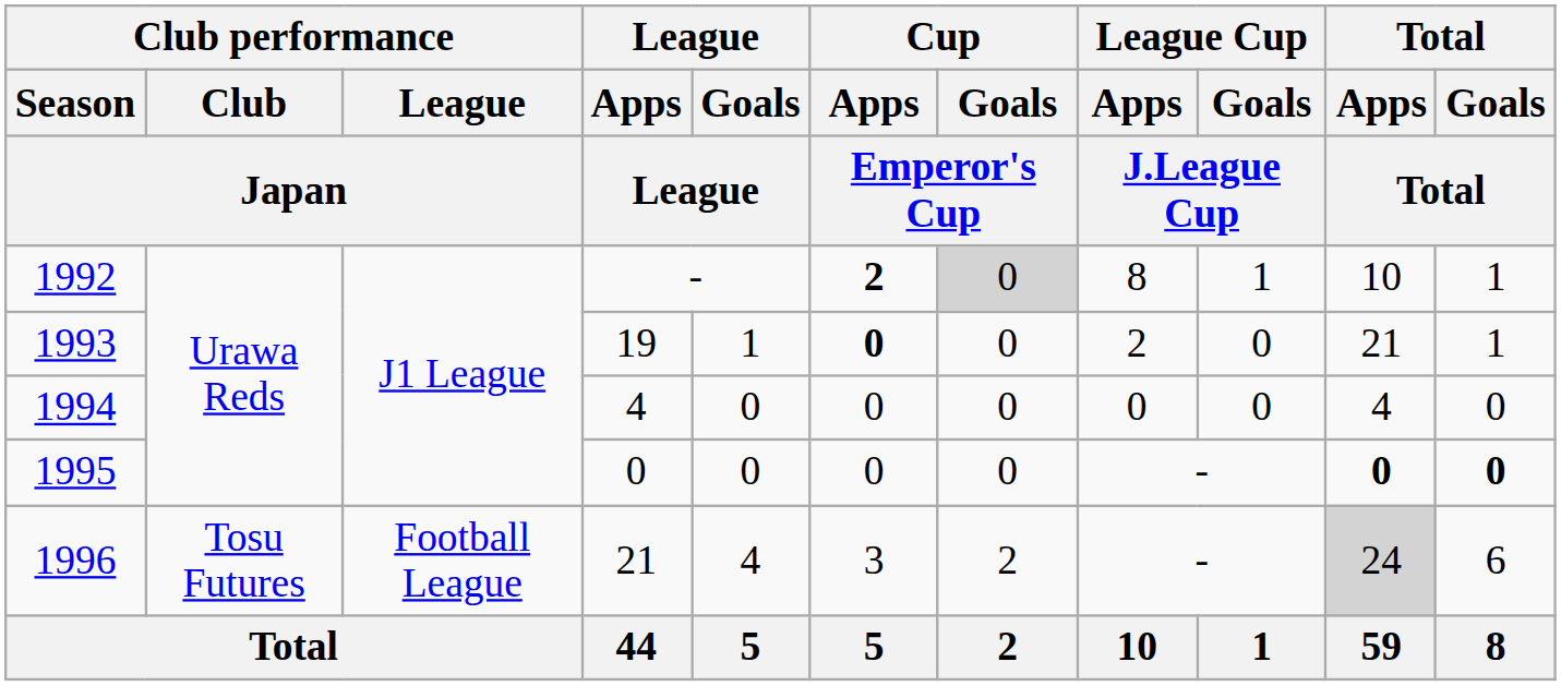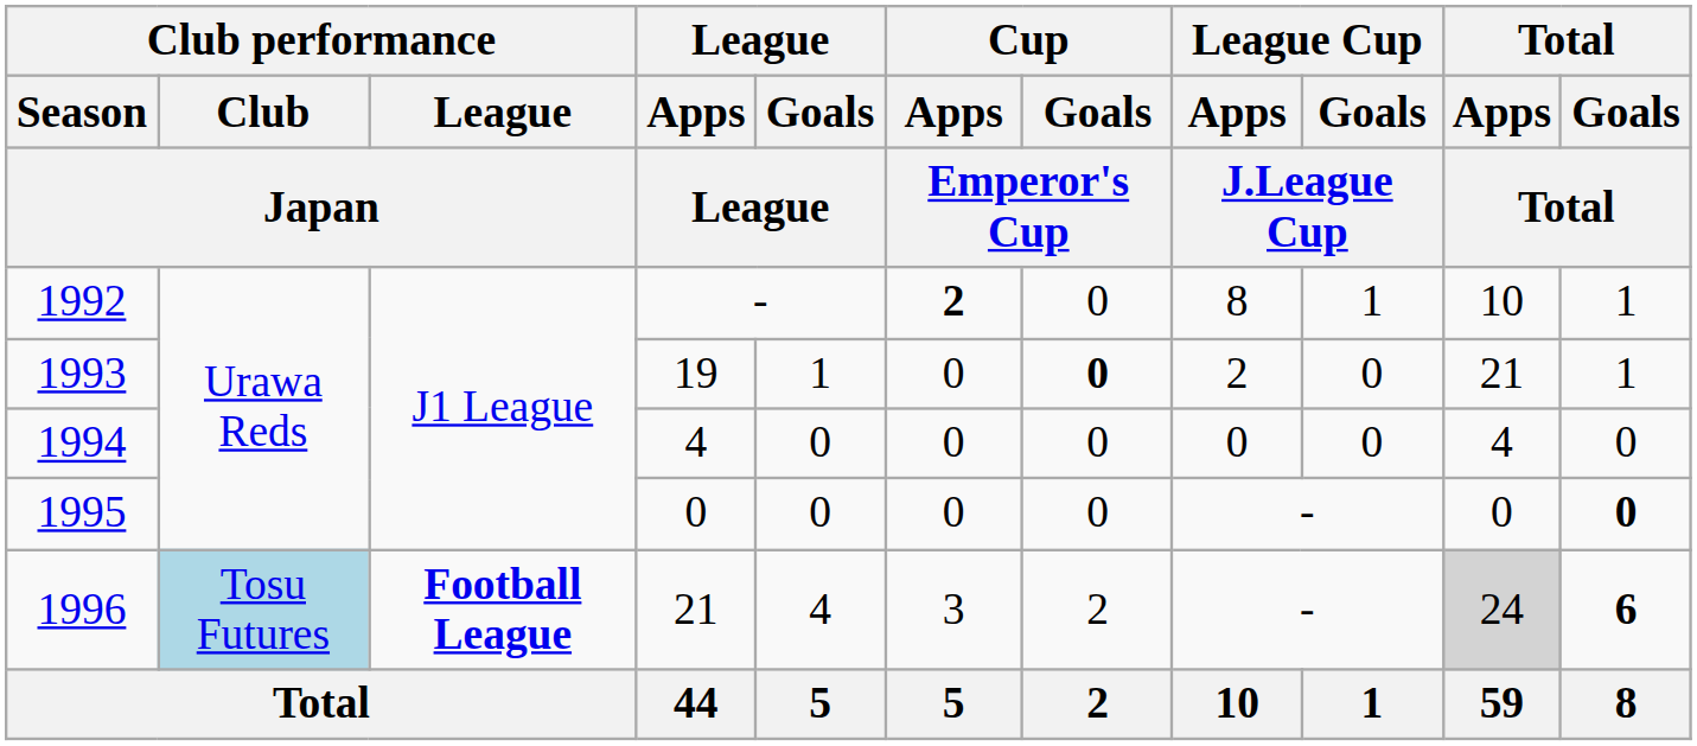 <table class="wikitable" style="text-align:center;">
 <tr>
 <th colspan=3>Club performance</th>
 <th colspan=2>League</th>
 <th colspan=2>Cup</th>
 <th colspan=2>League Cup</th>
 <th colspan=2>Total</th>
 </tr>
 <tr>
 <th>Season</th>
 <th>Club</th>
 <th>League</th>
 <th>Apps</th>
 <th>Goals</th>
 <th>Apps</th>
 <th>Goals</th>
 <th>Apps</th>
 <th>Goals</th>
 <th>Apps</th>
 <th>Goals</th>
 </tr>
 <tr>
 <th colspan=3>Japan</th>
 <th colspan=2>League</th>
 <th colspan=2><a href='#'>Emperor's Cup</a></th>
 <th colspan=2><a href='#'>J.League Cup</a></th>
 <th colspan=2>Total</th>
 </tr>
 <tr>
 <td><a href='#'>1992</a></td>
 <td rowspan="4"><a href='#'>Urawa Reds</a></td>
 <td rowspan="4"><a href='#'>J1 League</a></td>
 <td colspan="2">-</td>
 <td><strong>2</strong></td>
-<td style="background: lightgrey;">0</td>
+<td>0</td>
 <td>8</td>
 <td>1</td>
 <td>10</td>
 <td>1</td>
 </tr>
 <tr>
 <td><a href='#'>1993</a></td>
 <td>19</td>
 <td>1</td>
+<td>0</td>
 <td><strong>0</strong></td>
-<td>0</td>
 <td>2</td>
 <td>0</td>
 <td>21</td>
 <td>1</td>
 </tr>
 <tr>
 <td><a href='#'>1994</a></td>
 <td>4</td>
 <td>0</td>
 <td>0</td>
 <td>0</td>
 <td>0</td>
 <td>0</td>
 <td>4</td>
 <td>0</td>
 </tr>
 <tr>
 <td><a href='#'>1995</a></td>
 <td>0</td>
 <td>0</td>
 <td>0</td>
 <td>0</td>
 <td colspan="2">-</td>
-<td><strong>0</strong></td>
+<td>0</td>
 <td><strong>0</strong></td>
 </tr>
 <tr>
 <td><a href='#'>1996</a></td>
-<td><a href='#'>Tosu Futures</a></td>
-<td><a href='#'>Football League</a></td>
+<td style="background: lightblue;"><a href='#'>Tosu Futures</a></td>
+<td><strong><a href='#'>Football League</a></strong></td>
 <td>21</td>
 <td>4</td>
 <td>3</td>
 <td>2</td>
 <td colspan="2">-</td>
 <td style="background: lightgrey;">24</td>
-<td>6</td>
+<td><strong>6</strong></td>
 </tr>
 <tr>
 <th colspan=3>Total</th>
 <th>44</th>
 <th>5</th>
 <th>5</th>
 <th>2</th>
 <th>10</th>
 <th>1</th>
 <th>59</th>
 <th>8</th>
 </tr>
 </table>
